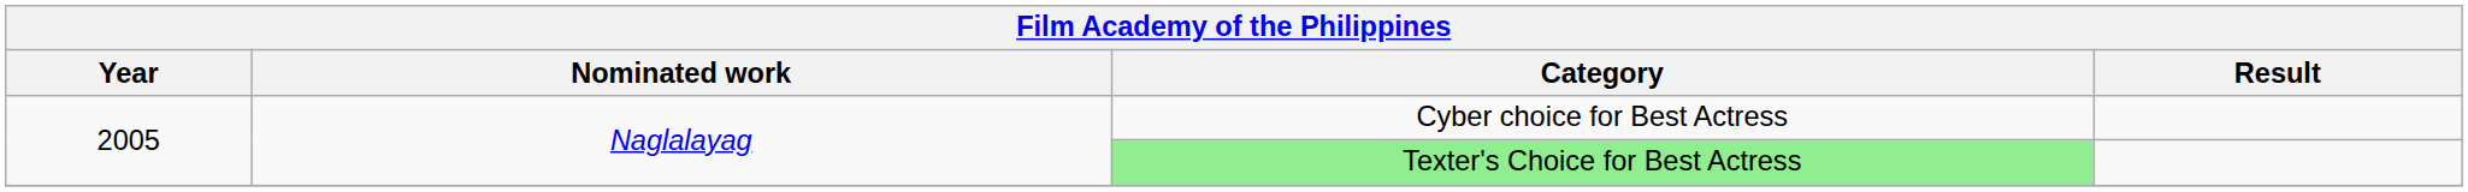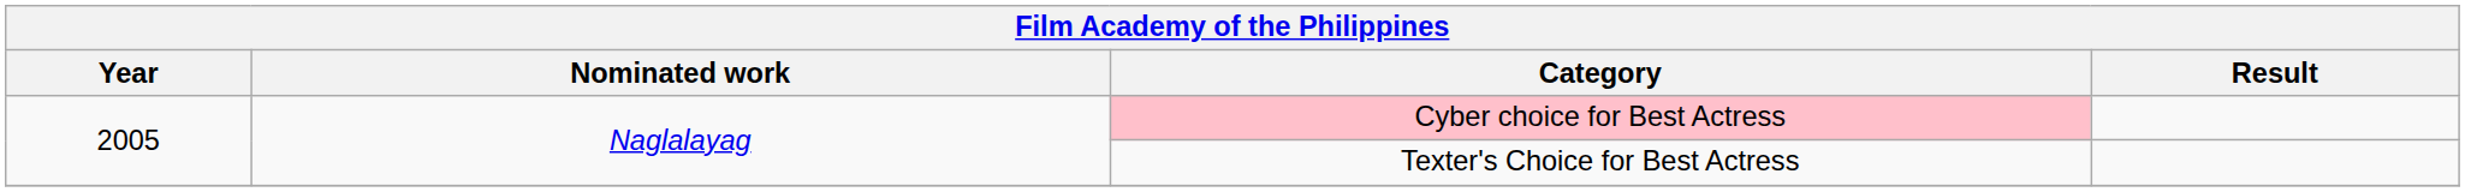 <table width="70%" class="wikitable sortable">
 <tr>
 <th colspan="4" align="center"><a href='#'>Film Academy of the Philippines</a></th>
 </tr>
 <tr>
 <th width="10%">Year</th>
 <th width="35%">Nominated work</th>
 <th width="40%">Category</th>
 <th width="15%">Result</th>
 </tr>
 <tr>
 <td align="center" rowspan=2>2005</td>
 <td align="center" rowspan=2><em><a href='#'>Naglalayag</a></em></td>
-<td align="center">Cyber choice for Best Actress</td>
+<td align="center" style="background: pink;">Cyber choice for Best Actress</td>
 <td></td>
 </tr>
 <tr>
-<td align="center" style="background: lightgreen;">Texter's Choice for Best Actress</td>
+<td align="center">Texter's Choice for Best Actress</td>
 <td></td>
 </tr>
 <tr>
 </tr>
 </table>
